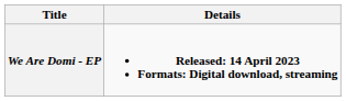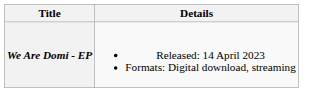 <table class="wikitable plainrowheaders" style="text-align:center;" border="1">
 <tr>
 <th scope="col">Title</th>
 <th scope="col">Details</th>
 </tr>
 <tr>
 <th scope="row"><em>We Are Domi - EP</em></th>
-<td><strong><br><ul><li>Released: 14 April 2023</li><li>Formats: Digital download, streaming</li></ul></strong></td>
+<td><br><ul><li>Released: 14 April 2023</li><li>Formats: Digital download, streaming</li></ul></td>
 </tr>
 </table>
